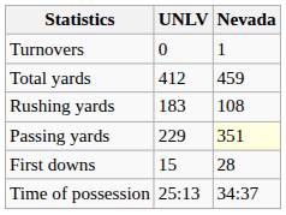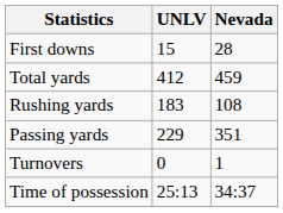 <table class="wikitable">
 <tr>
 <th>Statistics</th>
 <th>UNLV</th>
 <th>Nevada</th>
 </tr>
 <tr>
-<td>Turnovers</td>
-<td>0</td>
-<td>1</td>
+<td>First downs</td>
+<td>15</td>
+<td>28</td>
 </tr>
 <tr>
 <td>Total yards</td>
 <td>412</td>
 <td>459</td>
 </tr>
 <tr>
 <td>Rushing yards</td>
 <td>183</td>
 <td>108</td>
 </tr>
 <tr>
 <td>Passing yards</td>
 <td>229</td>
-<td style="background: lightyellow;">351</td>
+<td>351</td>
 </tr>
 <tr>
-<td>First downs</td>
-<td>15</td>
-<td>28</td>
+<td>Turnovers</td>
+<td>0</td>
+<td>1</td>
 </tr>
 <tr>
 <td>Time of possession</td>
 <td>25:13</td>
 <td>34:37</td>
 </tr>
 <tr>
 </tr>
 </table>
